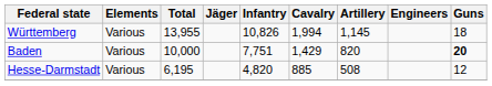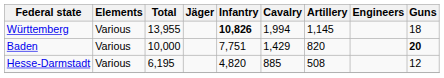 <table class="wikitable">
 <tr>
 <th>Federal state</th>
 <th>Elements</th>
 <th>Total</th>
 <th>Jäger</th>
 <th>Infantry</th>
 <th>Cavalry</th>
 <th>Artillery</th>
 <th>Engineers</th>
 <th>Guns</th>
 </tr>
 <tr>
 <td><a href='#'>Württemberg</a></td>
 <td>Various</td>
 <td> 13,955</td>
 <td></td>
-<td> 10,826</td>
+<td><strong> 10,826</strong></td>
 <td> 1,994</td>
 <td> 1,145</td>
 <td></td>
 <td> 18</td>
 </tr>
 <tr>
 <td><a href='#'>Baden</a></td>
 <td>Various</td>
 <td> 10,000</td>
 <td></td>
 <td> 7,751</td>
 <td> 1,429</td>
 <td> 820</td>
 <td></td>
 <td><strong> 20</strong></td>
 </tr>
 <tr>
 <td><a href='#'>Hesse-Darmstadt</a></td>
 <td>Various</td>
 <td> 6,195</td>
 <td></td>
 <td> 4,820</td>
 <td> 885</td>
 <td> 508</td>
 <td></td>
 <td> 12</td>
 </tr>
 <tr>
 </tr>
 </table>
